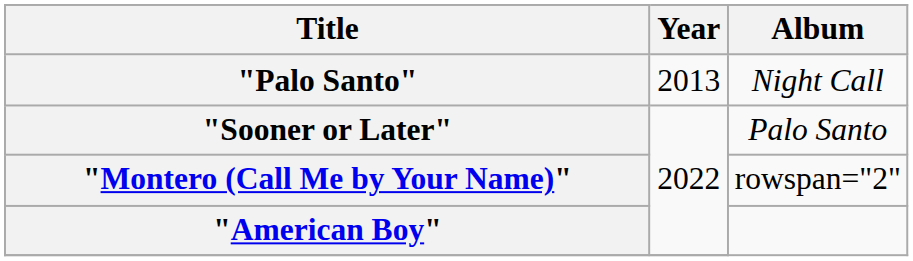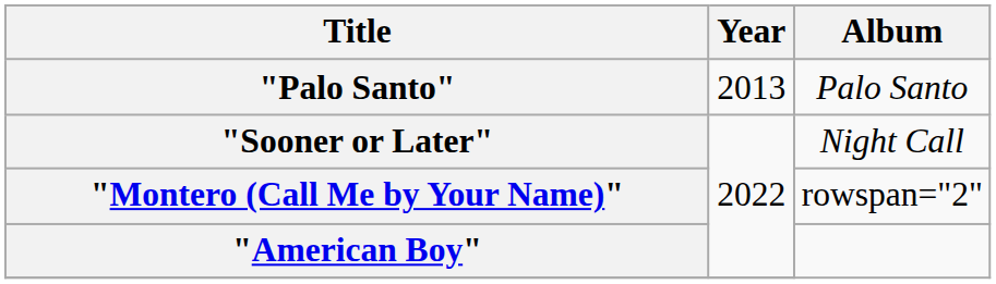 <table class="wikitable plainrowheaders" style="text-align:center;">
 <tr>
 <th scope="col" style="width:20em;">Title</th>
 <th scope="col" style="width:1em;">Year</th>
 <th scope="col">Album</th>
 </tr>
 <tr>
 <th scope="row">"Palo Santo"</th>
 <td>2013</td>
-<td><em>Night Call</em></td>
+<td><em>Palo Santo</em></td>
 </tr>
 <tr>
 <th scope="row">"Sooner or Later"</th>
 <td rowspan="3">2022</td>
-<td><em>Palo Santo</em></td>
+<td><em>Night Call</em></td>
 </tr>
 <tr>
 <th scope="row">"<a href='#'>Montero (Call Me by Your Name)</a>"</th>
 <td>rowspan="2" </td>
 </tr>
 <tr>
 <th scope="row">"<a href='#'>American Boy</a>"</th>
 </tr>
 <tr>
 </tr>
 </table>
